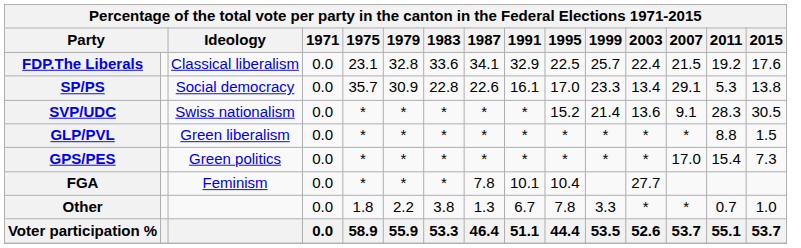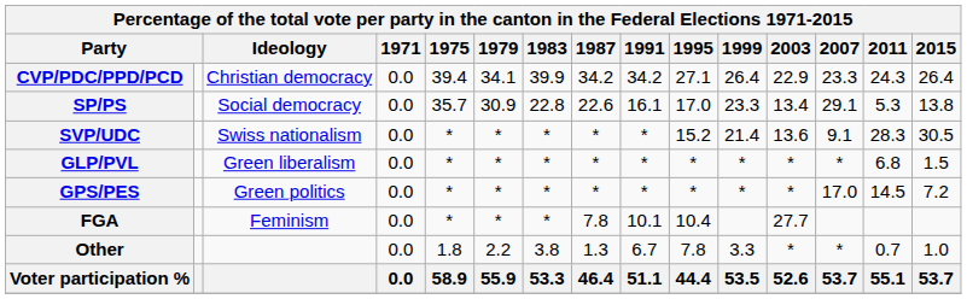 <table class="wikitable sortable" style ="text-align: center">
 <tr>
 <th colspan="15">Percentage of the total vote per party in the canton in the Federal Elections 1971-2015</th>
 </tr>
 <tr>
 <th colspan="2">Party</th>
 <th class="unsortable">Ideology</th>
 <th>1971</th>
 <th>1975</th>
 <th>1979</th>
 <th>1983</th>
 <th>1987</th>
 <th>1991</th>
 <th>1995</th>
 <th>1999</th>
 <th>2003</th>
 <th>2007</th>
 <th>2011</th>
 <th>2015</th>
 </tr>
 <tr>
-<th><a href='#'>FDP.The Liberals</a></th>
+<th><a href='#'>CVP/PDC/PPD/PCD</a></th>
 <td></td>
-<td><a href='#'>Classical liberalism</a></td>
+<td><a href='#'>Christian democracy</a></td>
 <td>0.0</td>
-<td>23.1</td>
-<td>32.8</td>
-<td>33.6</td>
+<td>39.4</td>
 <td>34.1</td>
-<td>32.9</td>
-<td>22.5</td>
-<td>25.7</td>
-<td>22.4</td>
-<td>21.5</td>
-<td>19.2</td>
-<td>17.6</td>
+<td>39.9</td>
+<td>34.2</td>
+<td>34.2</td>
+<td>27.1</td>
+<td>26.4</td>
+<td>22.9</td>
+<td>23.3</td>
+<td>24.3</td>
+<td>26.4</td>
 </tr>
 <tr>
 <th><a href='#'>SP/PS</a></th>
 <td></td>
 <td><a href='#'>Social democracy</a></td>
 <td>0.0</td>
 <td>35.7</td>
 <td>30.9</td>
 <td>22.8</td>
 <td>22.6</td>
 <td>16.1</td>
 <td>17.0</td>
 <td>23.3</td>
 <td>13.4</td>
 <td>29.1</td>
 <td>5.3</td>
 <td>13.8</td>
 </tr>
 <tr>
 <th><a href='#'>SVP/UDC</a></th>
 <td></td>
 <td><a href='#'>Swiss nationalism</a></td>
 <td>0.0</td>
 <td>* </td>
 <td>*</td>
 <td>*</td>
 <td>*</td>
 <td>*</td>
 <td>15.2</td>
 <td>21.4</td>
 <td>13.6</td>
 <td>9.1</td>
 <td>28.3</td>
 <td>30.5</td>
 </tr>
 <tr>
 <th><a href='#'>GLP/PVL</a></th>
 <td></td>
 <td><a href='#'>Green liberalism</a></td>
 <td>0.0</td>
 <td>*</td>
 <td>*</td>
 <td>*</td>
 <td>*</td>
 <td>*</td>
 <td>*</td>
 <td>*</td>
 <td>*</td>
 <td>*</td>
-<td>8.8</td>
+<td>6.8</td>
 <td>1.5</td>
 </tr>
 <tr>
 <th><a href='#'>GPS/PES</a></th>
 <td></td>
 <td><a href='#'>Green politics</a></td>
 <td>0.0</td>
 <td>*</td>
 <td>*</td>
 <td>*</td>
 <td>*</td>
 <td>*</td>
 <td>*</td>
 <td>*</td>
 <td>*</td>
 <td>17.0</td>
-<td>15.4</td>
-<td>7.3</td>
+<td>14.5</td>
+<td>7.2</td>
 </tr>
 <tr>
 <th>FGA</th>
 <td></td>
 <td><a href='#'>Feminism</a></td>
 <td>0.0</td>
 <td>*</td>
 <td>*</td>
 <td>*</td>
 <td>7.8</td>
 <td>10.1</td>
 <td>10.4</td>
 <td></td>
 <td>27.7</td>
 <td></td>
 <td></td>
 <td></td>
 </tr>
 <tr>
 <th>Other</th>
 <td></td>
 <td></td>
 <td>0.0</td>
 <td>1.8</td>
 <td>2.2</td>
 <td>3.8</td>
 <td>1.3</td>
 <td>6.7</td>
 <td>7.8</td>
 <td>3.3</td>
 <td>*</td>
 <td>*</td>
 <td>0.7</td>
 <td>1.0</td>
 </tr>
 <tr>
 <th>Voter participation %</th>
 <th></th>
 <th></th>
 <th>0.0</th>
 <th>58.9</th>
 <th>55.9</th>
 <th>53.3</th>
 <th>46.4</th>
 <th>51.1</th>
 <th>44.4</th>
 <th>53.5</th>
 <th>52.6</th>
 <th>53.7</th>
 <th>55.1</th>
 <th>53.7</th>
 </tr>
 <tr>
 </tr>
 </table>
